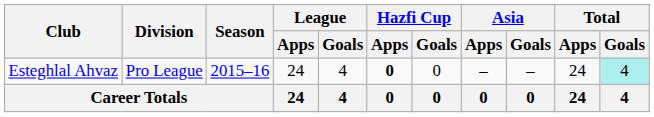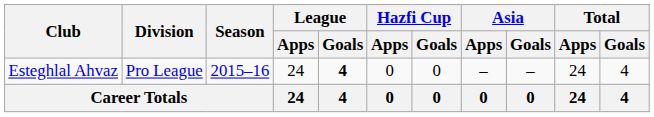 <table class="wikitable" style="text-align: center;">
 <tr>
 <th rowspan="2">Club</th>
 <th rowspan="2">Division</th>
 <th rowspan="2">Season</th>
 <th colspan="2">League</th>
 <th colspan="2"><a href='#'>Hazfi Cup</a></th>
 <th colspan="2"><a href='#'>Asia</a></th>
 <th colspan="2">Total</th>
 </tr>
 <tr>
 <th>Apps</th>
 <th>Goals</th>
 <th>Apps</th>
 <th>Goals</th>
 <th>Apps</th>
 <th>Goals</th>
 <th>Apps</th>
 <th>Goals</th>
 </tr>
 <tr>
 <td><a href='#'>Esteghlal Ahvaz</a></td>
 <td><a href='#'>Pro League</a></td>
 <td><a href='#'>2015–16</a></td>
 <td>24</td>
-<td>4</td>
-<td><strong>0</strong></td>
+<td><strong>4</strong></td>
+<td>0</td>
 <td>0</td>
 <td>–</td>
 <td>–</td>
 <td>24</td>
-<td style="background: paleturquoise;">4</td>
+<td>4</td>
 </tr>
 <tr>
 <th colspan=3>Career Totals</th>
 <th>24</th>
 <th>4</th>
 <th>0</th>
 <th>0</th>
 <th>0</th>
 <th>0</th>
 <th>24</th>
 <th>4</th>
 </tr>
 </table>
